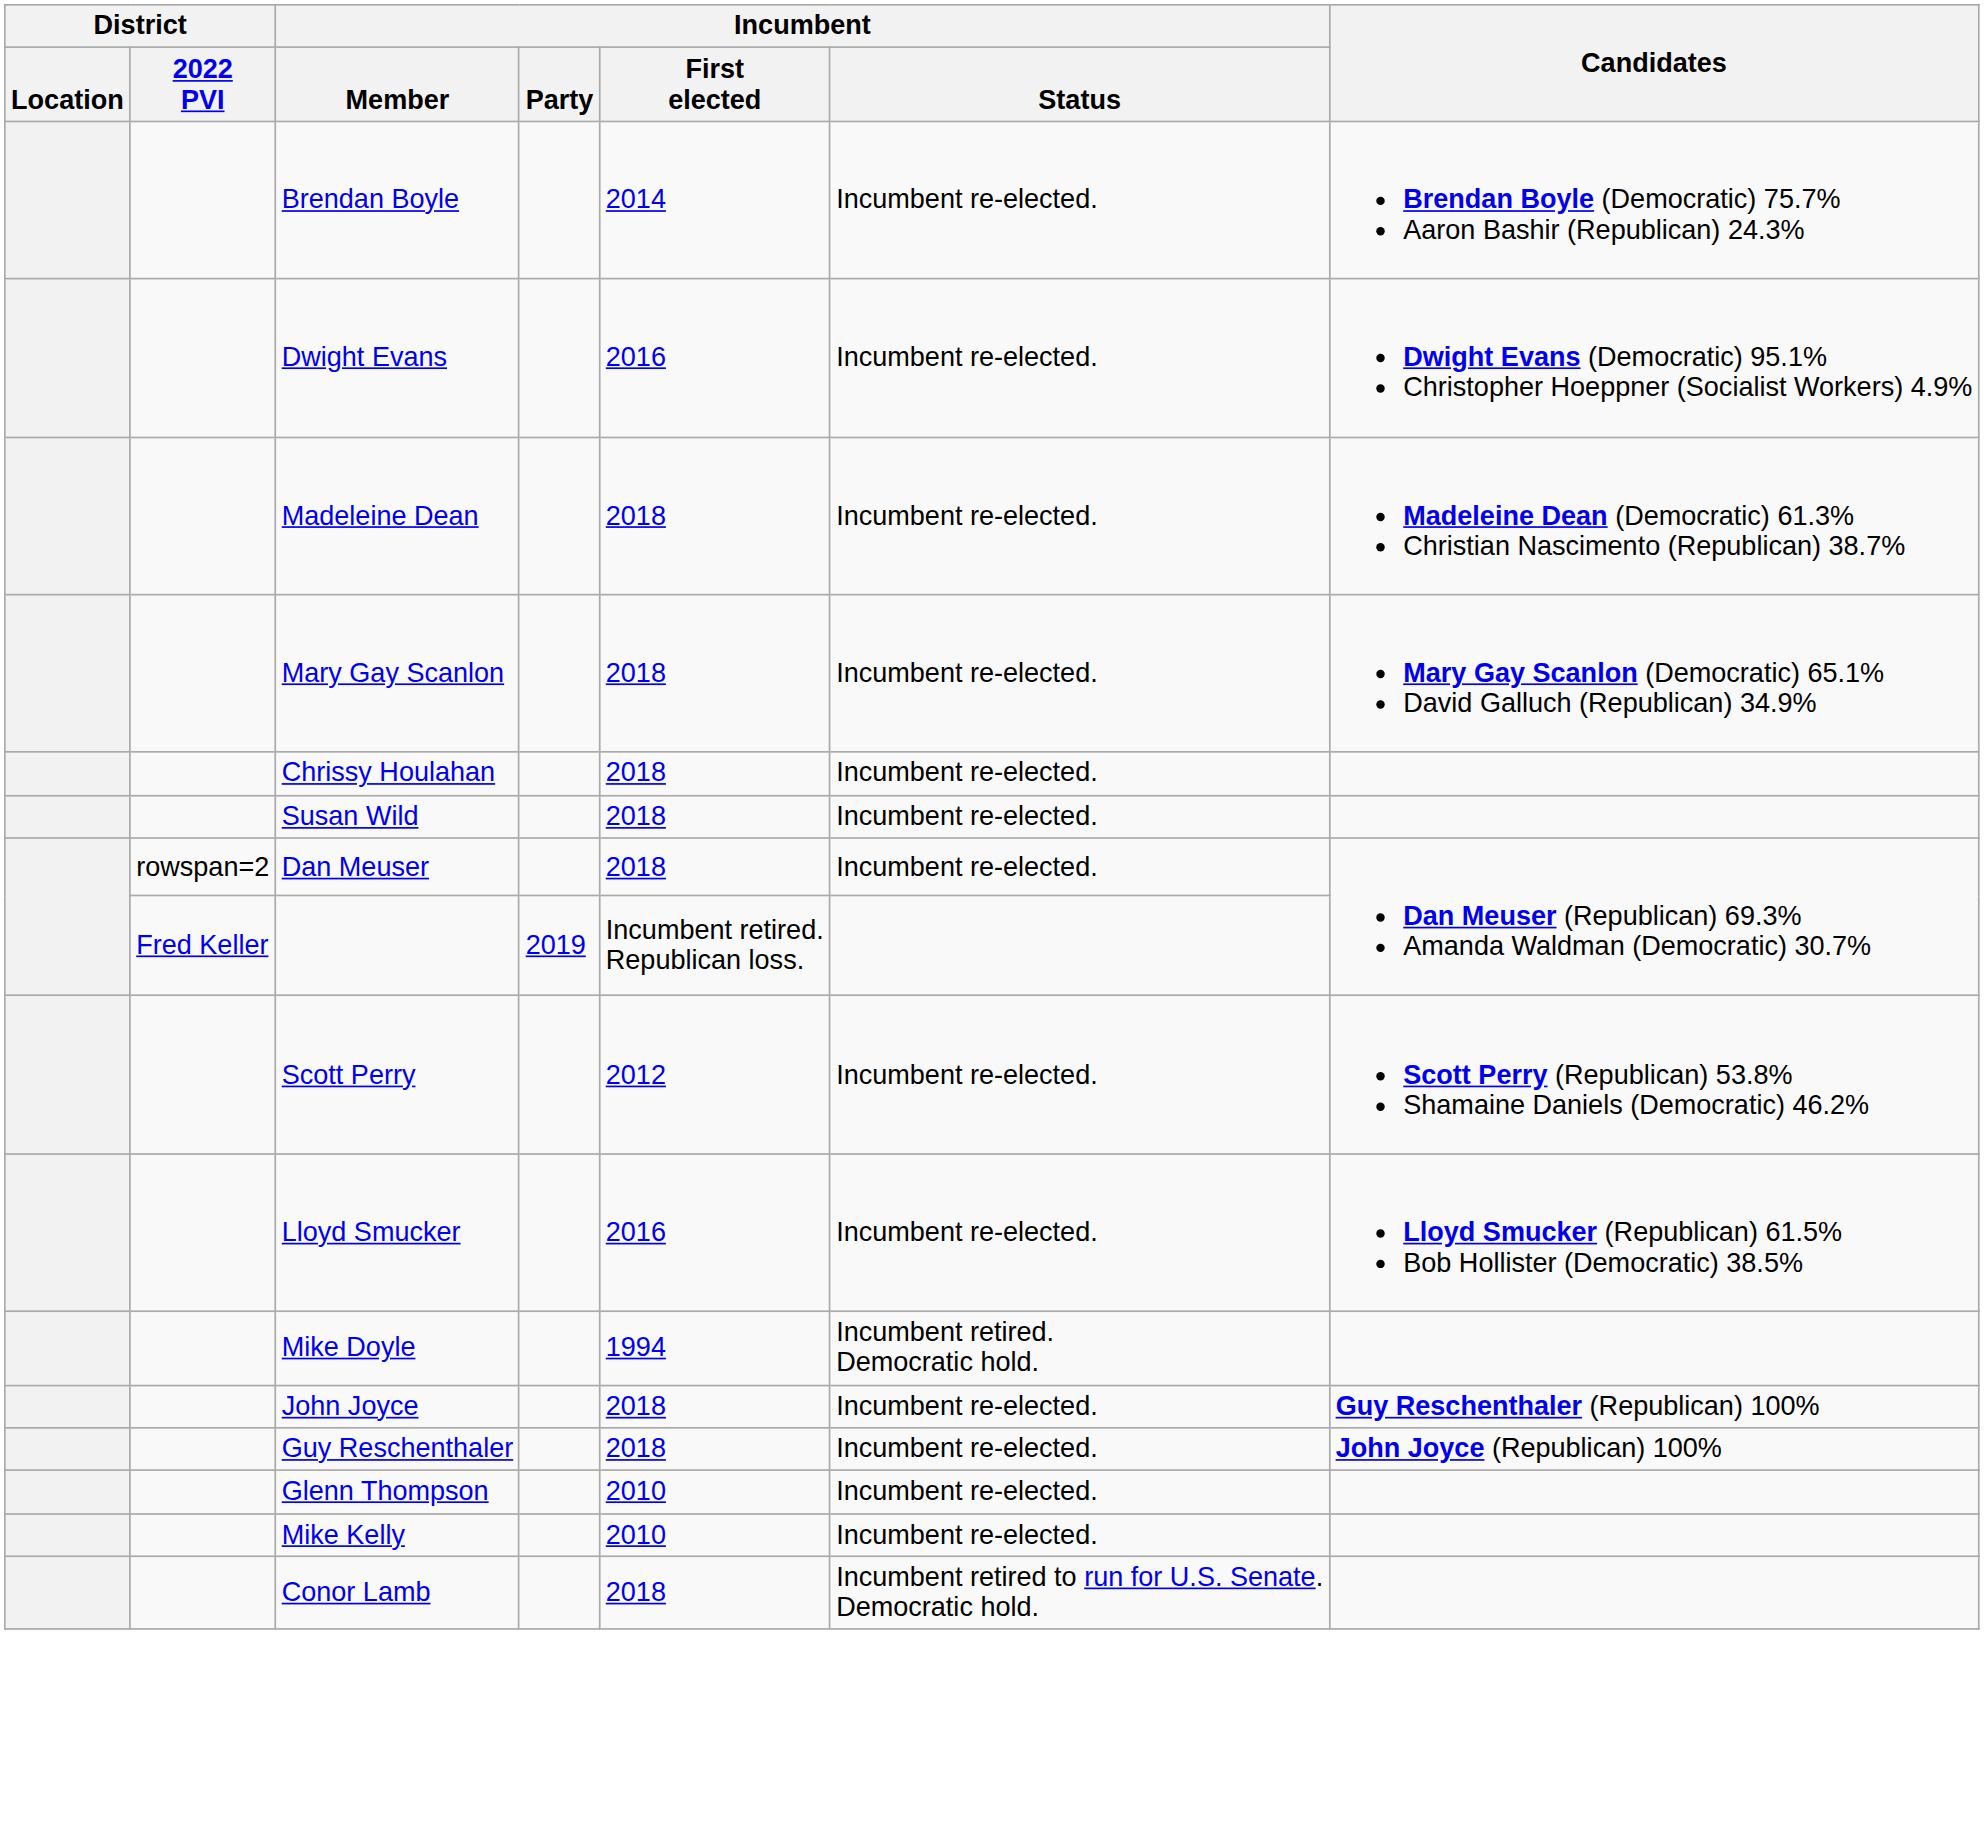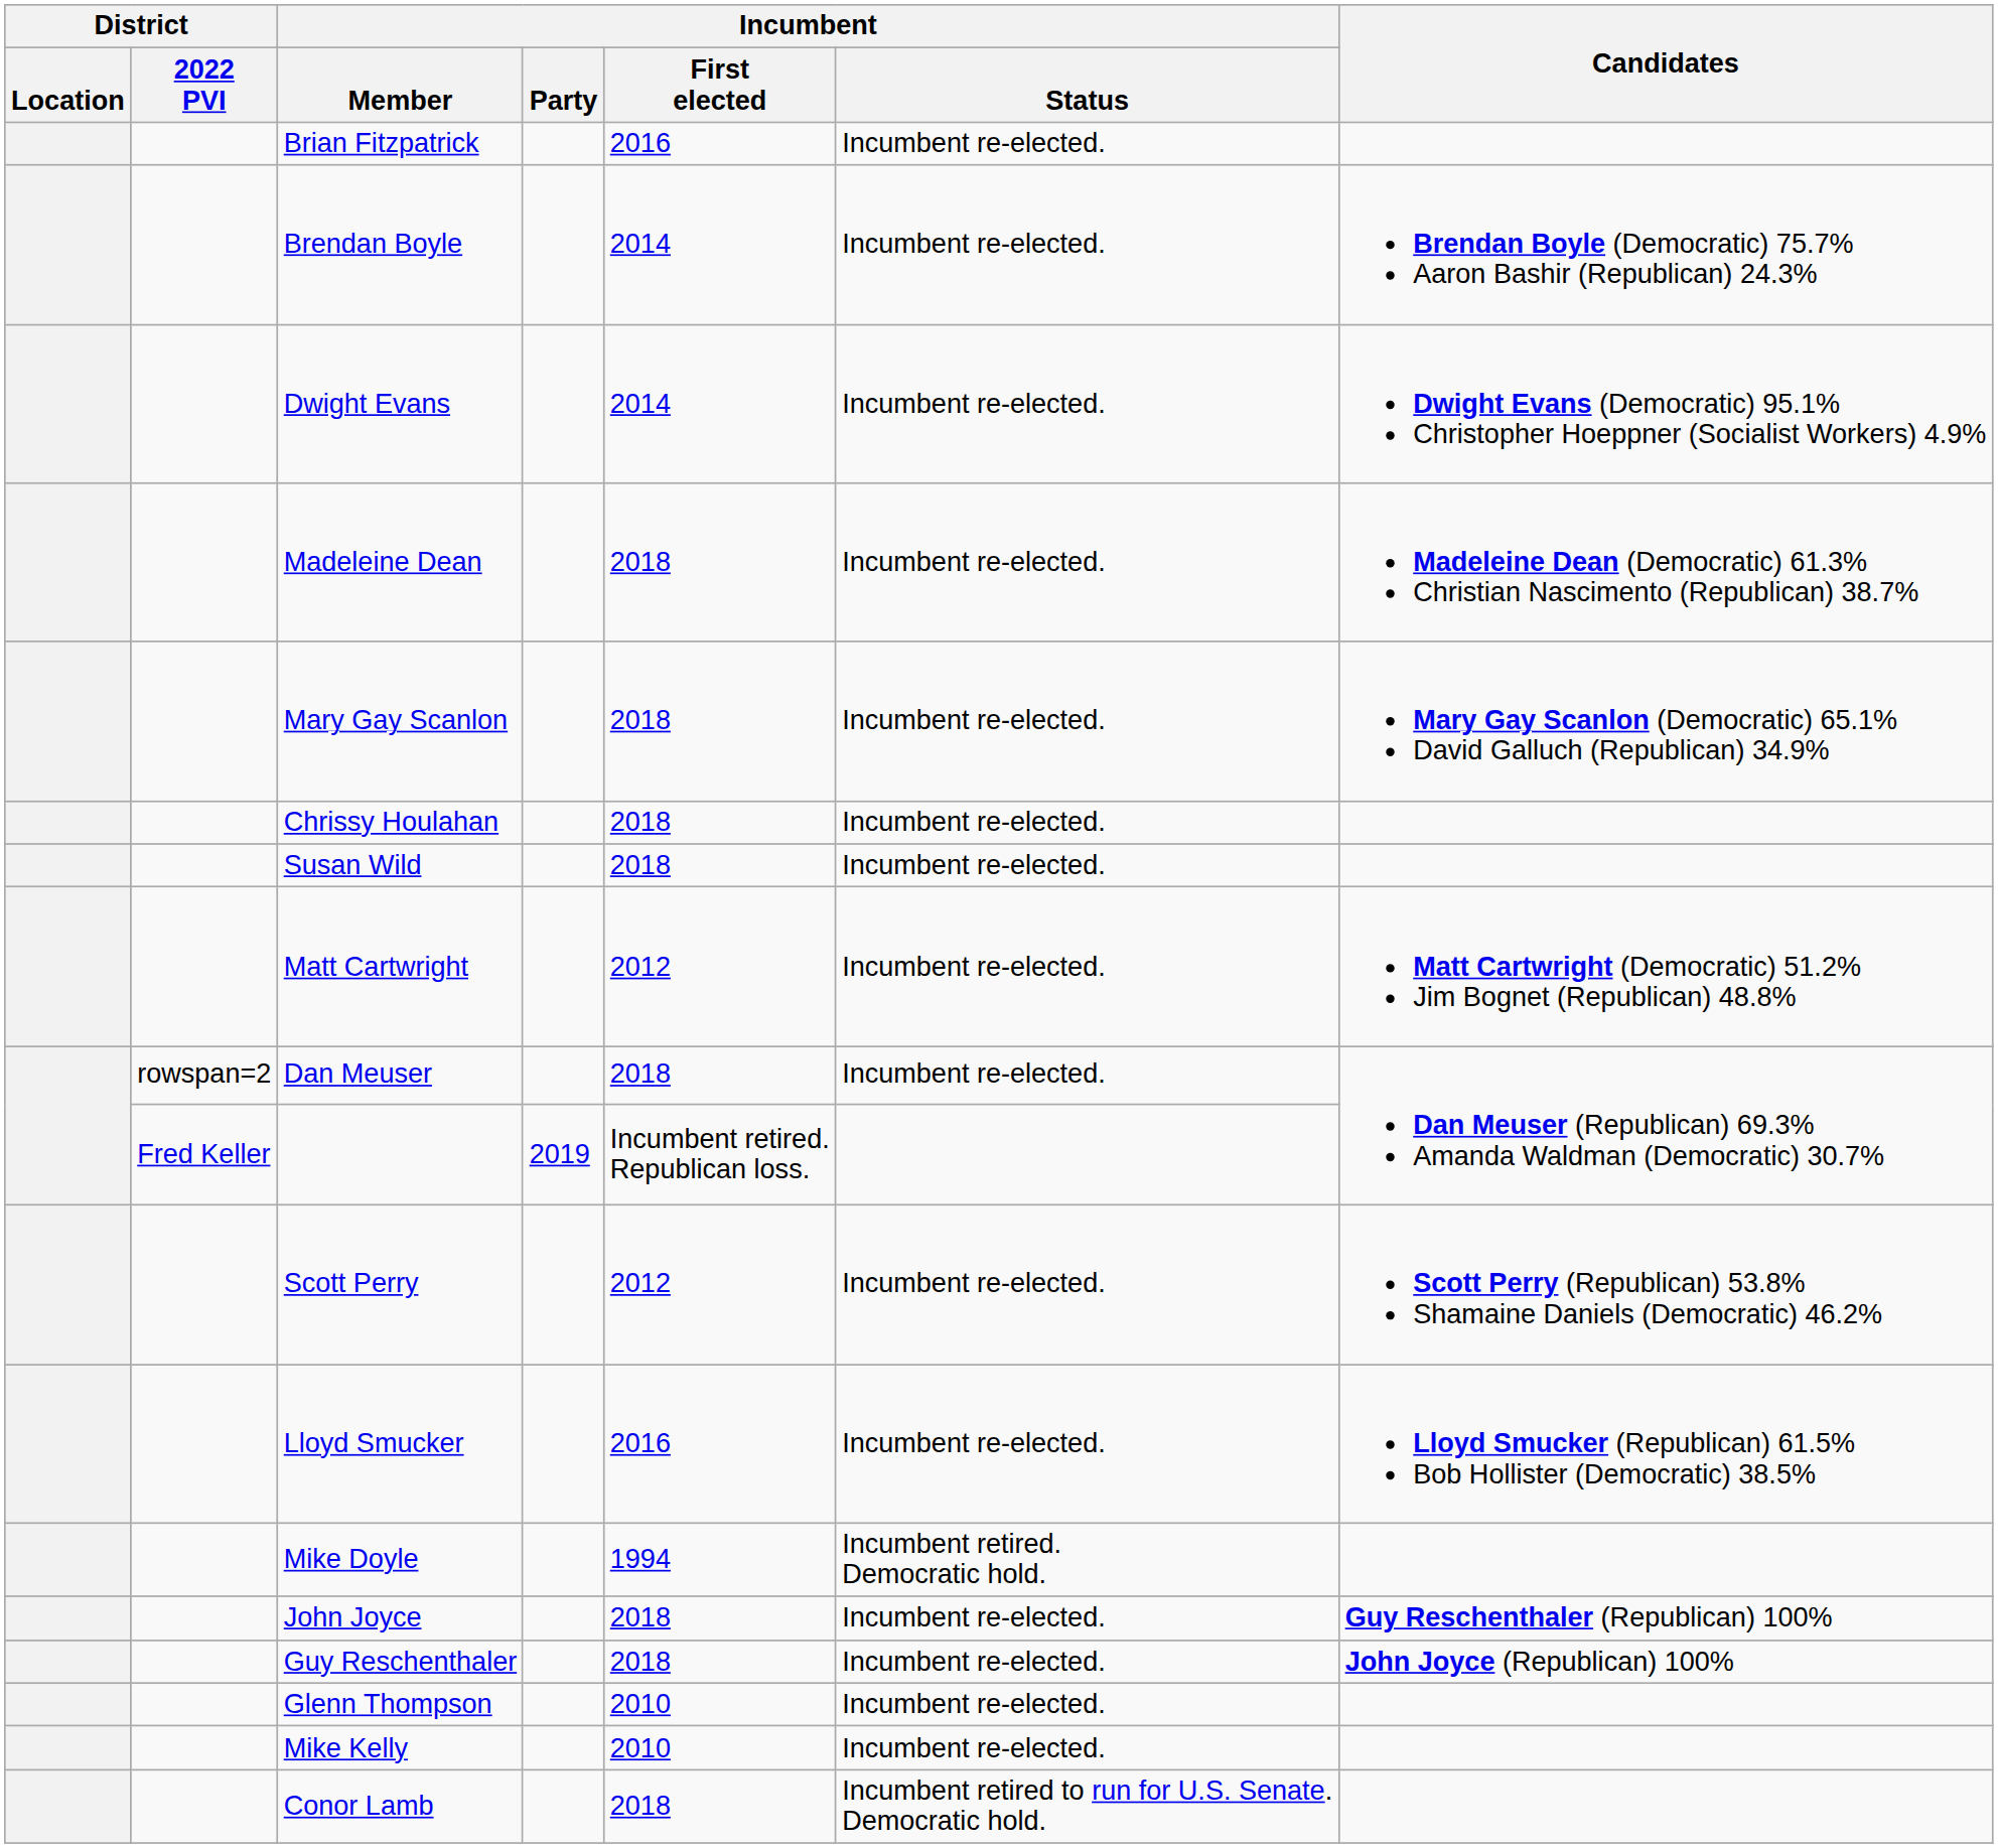 <table class="wikitable sortable">
 <tr>
 <th colspan="2">District</th>
 <th colspan="4">Incumbent</th>
 <th rowspan="2" class="unsortable">Candidates</th>
 </tr>
 <tr valign="bottom">
 <th>Location</th>
 <th><a href='#'>2022<br>PVI</a></th>
 <th>Member</th>
 <th>Party</th>
 <th>First<br>elected</th>
 <th>Status</th>
 </tr>
 <tr>
 <th></th>
 <td></td>
+<td><a href='#'>Brian Fitzpatrick</a></td>
+<td></td>
+<td><a href='#'>2016</a></td>
+<td>Incumbent re-elected.</td>
+<td nowrap=""></td>
+</tr>
+<tr>
+<th></th>
+<td></td>
 <td><a href='#'>Brendan Boyle</a></td>
 <td></td>
 <td><a href='#'>2014</a></td>
 <td>Incumbent re-elected.</td>
 <td nowrap=""><br><ul><li> <strong><a href='#'>Brendan Boyle</a></strong> (Democratic) 75.7%</li><li>Aaron Bashir (Republican) 24.3%</li></ul></td>
 </tr>
 <tr>
 <th></th>
 <td></td>
 <td><a href='#'>Dwight Evans</a></td>
 <td></td>
-<td><a href='#'>2016</a></td>
+<td><a href='#'>2014</a></td>
 <td>Incumbent re-elected.</td>
 <td nowrap=""><br><ul><li> <strong><a href='#'>Dwight Evans</a></strong> (Democratic) 95.1%</li><li>Christopher Hoeppner (Socialist Workers) 4.9%</li></ul></td>
 </tr>
 <tr>
 <th></th>
 <td></td>
 <td><a href='#'>Madeleine Dean</a></td>
 <td></td>
 <td><a href='#'>2018</a></td>
 <td>Incumbent re-elected.</td>
 <td nowrap=""><br><ul><li> <strong><a href='#'>Madeleine Dean</a></strong> (Democratic) 61.3%</li><li>Christian Nascimento (Republican) 38.7%</li></ul></td>
 </tr>
 <tr>
 <th></th>
 <td></td>
 <td><a href='#'>Mary Gay Scanlon</a></td>
 <td></td>
 <td><a href='#'>2018</a></td>
 <td>Incumbent re-elected.</td>
 <td nowrap=""><br><ul><li> <strong><a href='#'>Mary Gay Scanlon</a></strong> (Democratic) 65.1%</li><li>David Galluch (Republican) 34.9%</li></ul></td>
 </tr>
 <tr>
 <th></th>
 <td></td>
 <td><a href='#'>Chrissy Houlahan</a></td>
 <td></td>
 <td><a href='#'>2018</a></td>
 <td>Incumbent re-elected.</td>
 <td nowrap=""></td>
 </tr>
 <tr>
 <th></th>
 <td></td>
 <td><a href='#'>Susan Wild</a></td>
 <td></td>
 <td><a href='#'>2018</a></td>
 <td>Incumbent re-elected.</td>
 <td nowrap=""></td>
+</tr>
+<tr>
+<th></th>
+<td></td>
+<td><a href='#'>Matt Cartwright</a></td>
+<td></td>
+<td><a href='#'>2012</a></td>
+<td>Incumbent re-elected.</td>
+<td nowrap=""><br><ul><li> <strong><a href='#'>Matt Cartwright</a></strong> (Democratic) 51.2%</li><li>Jim Bognet (Republican) 48.8%</li></ul></td>
 </tr>
 <tr>
 <th rowspan=2></th>
 <td>rowspan=2 </td>
 <td><a href='#'>Dan Meuser</a></td>
 <td></td>
 <td><a href='#'>2018</a></td>
 <td>Incumbent re-elected.</td>
 <td rowspan=2 nowrap=""><br><ul><li> <strong><a href='#'>Dan Meuser</a></strong> (Republican) 69.3%</li><li>Amanda Waldman (Democratic) 30.7%</li></ul></td>
 </tr>
 <tr>
 <td><a href='#'>Fred Keller</a><br></td>
 <td></td>
 <td><a href='#'>2019 </a></td>
 <td>Incumbent retired.<br>Republican loss.</td>
 </tr>
 <tr>
 <th></th>
 <td></td>
 <td><a href='#'>Scott Perry</a></td>
 <td></td>
 <td><a href='#'>2012</a></td>
 <td>Incumbent re-elected.</td>
 <td nowrap=""><br><ul><li> <strong><a href='#'>Scott Perry</a></strong> (Republican) 53.8%</li><li>Shamaine Daniels (Democratic) 46.2%</li></ul></td>
 </tr>
 <tr>
 <th></th>
 <td></td>
 <td><a href='#'>Lloyd Smucker</a></td>
 <td></td>
 <td><a href='#'>2016</a></td>
 <td>Incumbent re-elected.</td>
 <td nowrap=""><br><ul><li> <strong><a href='#'>Lloyd Smucker</a></strong> (Republican) 61.5%</li><li>Bob Hollister (Democratic) 38.5%</li></ul></td>
 </tr>
 <tr>
 <th></th>
 <td></td>
 <td><a href='#'>Mike Doyle</a><br></td>
 <td></td>
 <td><a href='#'>1994</a></td>
 <td>Incumbent retired.<br>Democratic hold.</td>
 <td nowrap=""></td>
 </tr>
 <tr>
 <th></th>
 <td></td>
 <td><a href='#'>John Joyce</a></td>
 <td></td>
 <td><a href='#'>2018</a></td>
 <td>Incumbent re-elected.</td>
 <td nowrap=""> <strong><a href='#'>Guy Reschenthaler</a></strong> (Republican) 100%</td>
 </tr>
 <tr>
 <th></th>
 <td></td>
 <td><a href='#'>Guy Reschenthaler</a></td>
 <td></td>
 <td><a href='#'>2018</a></td>
 <td>Incumbent re-elected.</td>
 <td nowrap=""> <strong><a href='#'>John Joyce</a></strong> (Republican) 100%</td>
 </tr>
 <tr>
 <th></th>
 <td></td>
 <td><a href='#'>Glenn Thompson</a></td>
 <td></td>
 <td><a href='#'>2010</a></td>
 <td>Incumbent re-elected.</td>
 <td nowrap=""></td>
 </tr>
 <tr>
 <th></th>
 <td></td>
 <td><a href='#'>Mike Kelly</a></td>
 <td></td>
 <td><a href='#'>2010</a></td>
 <td>Incumbent re-elected.</td>
 <td nowrap=""></td>
 </tr>
 <tr>
 <th></th>
 <td></td>
 <td><a href='#'>Conor Lamb</a></td>
 <td></td>
 <td><a href='#'>2018 </a></td>
 <td>Incumbent retired to <a href='#'>run for U.S. Senate</a>.<br>Democratic hold.</td>
 <td nowrap=""></td>
 </tr>
 </table>
